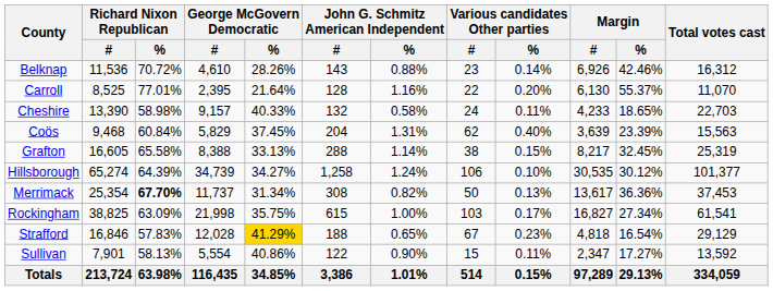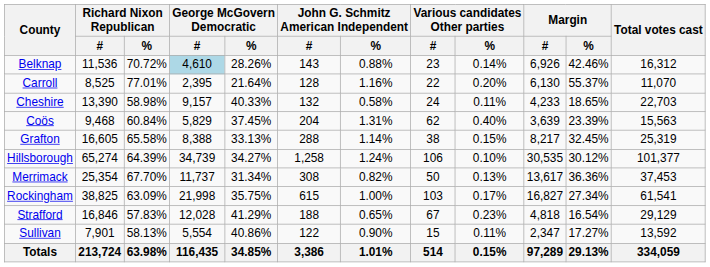 <table class="wikitable sortable">
 <tr>
 <th rowspan="2">County</th>
 <th colspan="2">Richard Nixon<br>Republican</th>
 <th colspan="2">George McGovern<br>Democratic</th>
 <th colspan="2">John G. Schmitz<br>American Independent</th>
 <th colspan="2">Various candidates<br>Other parties</th>
 <th colspan="2">Margin</th>
 <th rowspan="2">Total votes cast</th>
 </tr>
 <tr>
 <th data-sort-type="number">#</th>
 <th data-sort-type="number">%</th>
 <th data-sort-type="number">#</th>
 <th data-sort-type="number">%</th>
 <th data-sort-type="number">#</th>
 <th data-sort-type="number">%</th>
 <th data-sort-type="number">#</th>
 <th data-sort-type="number">%</th>
 <th data-sort-type="number">#</th>
 <th data-sort-type="number">%</th>
 </tr>
 <tr style="text-align:center;">
 <td><a href='#'>Belknap</a></td>
 <td>11,536</td>
 <td>70.72%</td>
-<td>4,610</td>
+<td style="background: lightblue;">4,610</td>
 <td>28.26%</td>
 <td>143</td>
 <td>0.88%</td>
 <td>23</td>
 <td>0.14%</td>
 <td>6,926</td>
 <td>42.46%</td>
 <td>16,312</td>
 </tr>
 <tr style="text-align:center;">
 <td><a href='#'>Carroll</a></td>
 <td>8,525</td>
 <td>77.01%</td>
 <td>2,395</td>
 <td>21.64%</td>
 <td>128</td>
 <td>1.16%</td>
 <td>22</td>
 <td>0.20%</td>
 <td>6,130</td>
 <td>55.37%</td>
 <td>11,070</td>
 </tr>
 <tr style="text-align:center;">
 <td><a href='#'>Cheshire</a></td>
 <td>13,390</td>
 <td>58.98%</td>
 <td>9,157</td>
 <td>40.33%</td>
 <td>132</td>
 <td>0.58%</td>
 <td>24</td>
 <td>0.11%</td>
 <td>4,233</td>
 <td>18.65%</td>
 <td>22,703</td>
 </tr>
 <tr style="text-align:center;">
 <td><a href='#'>Coös</a></td>
 <td>9,468</td>
 <td>60.84%</td>
 <td>5,829</td>
 <td>37.45%</td>
 <td>204</td>
 <td>1.31%</td>
 <td>62</td>
 <td>0.40%</td>
 <td>3,639</td>
 <td>23.39%</td>
 <td>15,563</td>
 </tr>
 <tr style="text-align:center;">
 <td><a href='#'>Grafton</a></td>
 <td>16,605</td>
 <td>65.58%</td>
 <td>8,388</td>
 <td>33.13%</td>
 <td>288</td>
 <td>1.14%</td>
 <td>38</td>
 <td>0.15%</td>
 <td>8,217</td>
 <td>32.45%</td>
 <td>25,319</td>
 </tr>
 <tr style="text-align:center;">
 <td><a href='#'>Hillsborough</a></td>
 <td>65,274</td>
 <td>64.39%</td>
 <td>34,739</td>
 <td>34.27%</td>
 <td>1,258</td>
 <td>1.24%</td>
 <td>106</td>
 <td>0.10%</td>
 <td>30,535</td>
 <td>30.12%</td>
 <td>101,377</td>
 </tr>
 <tr style="text-align:center;">
 <td><a href='#'>Merrimack</a></td>
 <td>25,354</td>
-<td><strong>67.70%</strong></td>
+<td>67.70%</td>
 <td>11,737</td>
 <td>31.34%</td>
 <td>308</td>
 <td>0.82%</td>
 <td>50</td>
 <td>0.13%</td>
 <td>13,617</td>
 <td>36.36%</td>
 <td>37,453</td>
 </tr>
 <tr style="text-align:center;">
 <td><a href='#'>Rockingham</a></td>
 <td>38,825</td>
 <td>63.09%</td>
 <td>21,998</td>
 <td>35.75%</td>
 <td>615</td>
 <td>1.00%</td>
 <td>103</td>
 <td>0.17%</td>
 <td>16,827</td>
 <td>27.34%</td>
 <td>61,541</td>
 </tr>
 <tr style="text-align:center;">
 <td><a href='#'>Strafford</a></td>
 <td>16,846</td>
 <td>57.83%</td>
 <td>12,028</td>
-<td style="background: gold;">41.29%</td>
+<td>41.29%</td>
 <td>188</td>
 <td>0.65%</td>
 <td>67</td>
 <td>0.23%</td>
 <td>4,818</td>
 <td>16.54%</td>
 <td>29,129</td>
 </tr>
 <tr style="text-align:center;">
 <td><a href='#'>Sullivan</a></td>
 <td>7,901</td>
 <td>58.13%</td>
 <td>5,554</td>
 <td>40.86%</td>
 <td>122</td>
 <td>0.90%</td>
 <td>15</td>
 <td>0.11%</td>
 <td>2,347</td>
 <td>17.27%</td>
 <td>13,592</td>
 </tr>
 <tr>
 <th>Totals</th>
 <th>213,724</th>
 <th>63.98%</th>
 <th>116,435</th>
 <th>34.85%</th>
 <th>3,386</th>
 <th>1.01%</th>
 <th>514</th>
 <th>0.15%</th>
 <th>97,289</th>
 <th>29.13%</th>
 <th>334,059</th>
 </tr>
 </table>
